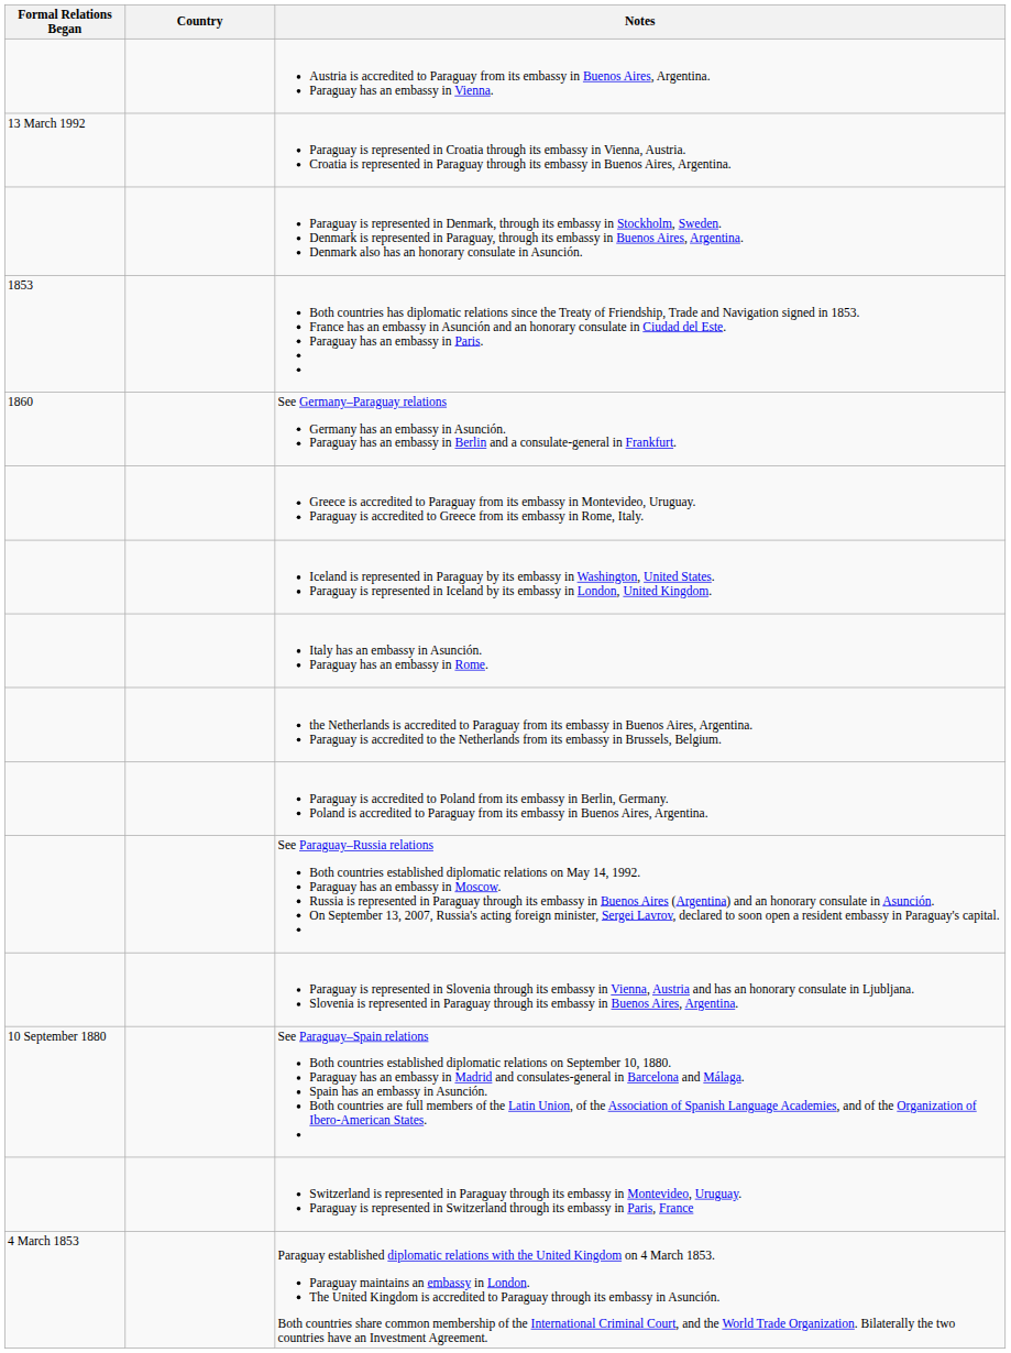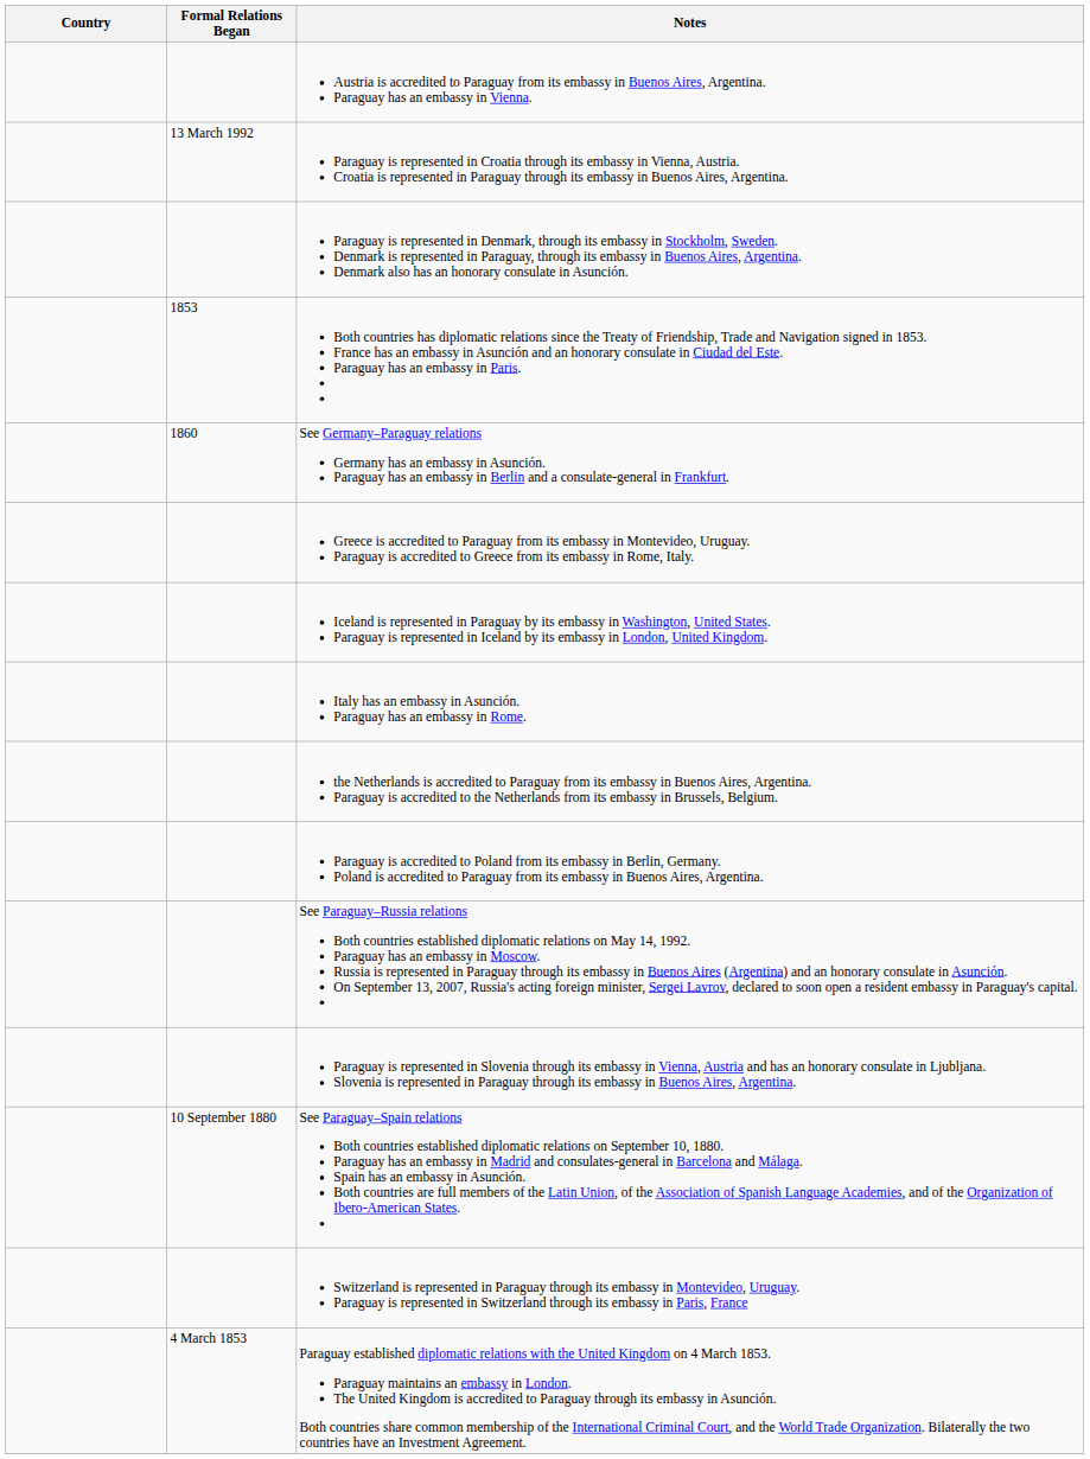 <table class="wikitable sortable" style="width:100%; margin:auto;">
 <tr>
+<th style="width:15%;">Country</th>
 <th style="width:12%;">Formal Relations Began</th>
-<th style="width:15%;">Country</th>
 <th>Notes</th>
 </tr>
 <tr valign="top">
 <td></td>
 <td></td>
 <td><br><ul><li>Austria is accredited to Paraguay from its embassy in <a href='#'>Buenos Aires</a>, Argentina.</li><li>Paraguay has an embassy in <a href='#'>Vienna</a>.</li></ul></td>
 </tr>
 <tr valign="top">
+<td></td>
 <td>13 March 1992</td>
-<td></td>
 <td><br><ul><li>Paraguay is represented in Croatia through its embassy in Vienna, Austria.</li><li>Croatia is represented in Paraguay through its embassy in Buenos Aires, Argentina.</li></ul></td>
 </tr>
 <tr valign="top">
 <td></td>
 <td></td>
 <td><br><ul><li>Paraguay is represented in Denmark, through its embassy in <a href='#'>Stockholm</a>, <a href='#'>Sweden</a>.</li><li>Denmark is represented in Paraguay, through its embassy in <a href='#'>Buenos Aires</a>, <a href='#'>Argentina</a>.</li><li>Denmark also has an honorary consulate in Asunción.</li></ul></td>
 </tr>
 <tr valign="top">
+<td></td>
 <td>1853</td>
-<td></td>
 <td><br><ul><li>Both countries has diplomatic relations since the Treaty of Friendship, Trade and Navigation signed in 1853.</li><li>France has an embassy in Asunción and an honorary consulate in <a href='#'>Ciudad del Este</a>.</li><li>Paraguay has an embassy in <a href='#'>Paris</a>.</li><li></li><li></li></ul></td>
 </tr>
 <tr valign="top">
+<td></td>
 <td>1860</td>
-<td></td>
 <td>See <a href='#'>Germany–Paraguay relations</a><br><ul><li>Germany has an embassy in Asunción.</li><li>Paraguay has an embassy in <a href='#'>Berlin</a> and a consulate-general in <a href='#'>Frankfurt</a>.</li></ul></td>
 </tr>
 <tr valign="top">
 <td></td>
 <td></td>
 <td><br><ul><li>Greece is accredited to Paraguay from its embassy in Montevideo, Uruguay.</li><li>Paraguay is accredited to Greece from its embassy in Rome, Italy.</li></ul></td>
 </tr>
 <tr valign="top">
 <td></td>
 <td></td>
 <td><br><ul><li>Iceland is represented in Paraguay by its embassy in <a href='#'>Washington</a>, <a href='#'>United States</a>.</li><li>Paraguay is represented in Iceland by its embassy in <a href='#'>London</a>, <a href='#'>United Kingdom</a>.</li></ul></td>
 </tr>
 <tr valign="top">
 <td></td>
 <td></td>
 <td><br><ul><li>Italy has an embassy in Asunción.</li><li>Paraguay has an embassy in <a href='#'>Rome</a>.</li></ul></td>
 </tr>
 <tr valign="top">
 <td></td>
 <td></td>
 <td><br><ul><li>the Netherlands is accredited to Paraguay from its embassy in Buenos Aires, Argentina.</li><li>Paraguay is accredited to the Netherlands from its embassy in Brussels, Belgium.</li></ul></td>
 </tr>
 <tr valign="top">
 <td></td>
 <td></td>
 <td><br><ul><li>Paraguay is accredited to Poland from its embassy in Berlin, Germany.</li><li>Poland is accredited to Paraguay from its embassy in Buenos Aires, Argentina.</li></ul></td>
 </tr>
 <tr valign="top">
 <td></td>
 <td></td>
 <td>See <a href='#'>Paraguay–Russia relations</a><br><ul><li>Both countries established diplomatic relations on May 14, 1992.</li><li>Paraguay has an embassy in <a href='#'>Moscow</a>.</li><li>Russia is represented in Paraguay through its embassy in <a href='#'>Buenos Aires</a> (<a href='#'>Argentina</a>) and an honorary consulate in <a href='#'>Asunción</a>.</li><li>On September 13, 2007, Russia's acting foreign minister, <a href='#'>Sergei Lavrov</a>, declared to soon open a resident embassy in Paraguay's capital.</li><li></li></ul></td>
 </tr>
 <tr valign="top">
 <td></td>
 <td></td>
 <td><br><ul><li>Paraguay is represented in Slovenia through its embassy in <a href='#'>Vienna</a>, <a href='#'>Austria</a> and has an honorary consulate in Ljubljana.</li><li>Slovenia is represented in Paraguay through its embassy in <a href='#'>Buenos Aires</a>, <a href='#'>Argentina</a>.</li></ul></td>
 </tr>
 <tr valign="top">
+<td></td>
 <td>10 September 1880</td>
-<td></td>
 <td>See <a href='#'>Paraguay–Spain relations</a><br><ul><li>Both countries established diplomatic relations on September 10, 1880.</li><li>Paraguay has an embassy in <a href='#'>Madrid</a> and consulates-general in <a href='#'>Barcelona</a> and  <a href='#'>Málaga</a>.</li><li>Spain has an embassy in Asunción.</li><li>Both countries are full members of the <a href='#'>Latin Union</a>, of the <a href='#'>Association of Spanish Language Academies</a>, and of the <a href='#'>Organization of Ibero-American States</a>.</li><li></li></ul></td>
 </tr>
 <tr valign="top">
 <td></td>
 <td></td>
 <td><br><ul><li>Switzerland is represented in Paraguay through its embassy in <a href='#'>Montevideo</a>, <a href='#'>Uruguay</a>.</li><li>Paraguay is represented in Switzerland through its embassy in <a href='#'>Paris</a>, <a href='#'>France</a></li></ul></td>
 </tr>
 <tr valign="top">
+<td></td>
 <td>4 March 1853</td>
-<td></td>
 <td><br>Paraguay established <a href='#'>diplomatic relations with the United Kingdom</a> on 4 March 1853.<ul><li>Paraguay maintains an <a href='#'>embassy</a> in <a href='#'>London</a>.</li><li>The United Kingdom is accredited to Paraguay through its embassy in Asunción.</li></ul>Both countries share common membership of the <a href='#'>International Criminal Court</a>, and the <a href='#'>World Trade Organization</a>. Bilaterally the two countries have an Investment Agreement.</td>
 </tr>
 </table>
